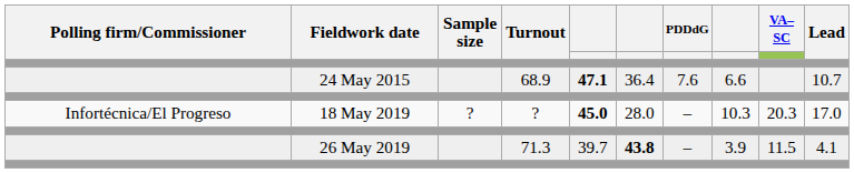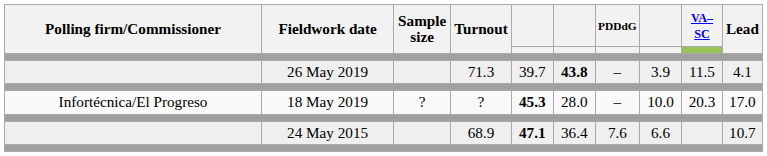 <table class="wikitable collapsible collapsed" style="text-align:center; font-size:95%; line-height:16px;">
 <tr style="height:42px;">
 <th style="width:250px;" rowspan="2">Polling firm/Commissioner</th>
 <th style="width:125px;" rowspan="2">Fieldwork date</th>
 <th style="width:50px;" rowspan="2">Sample size</th>
 <th style="width:45px;" rowspan="2">Turnout</th>
 <th style="width:35px;"></th>
 <th style="width:35px;"></th>
 <th style="width:35px; font-size:75%;">PDDdG</th>
 <th style="width:35px;"></th>
 <th style="width:35px; font-size:80%;"><a href='#'>VA–SC</a></th>
 <th style="width:30px;" rowspan="2">Lead</th>
 </tr>
 <tr>
 <th style="color:inherit;background:"></th>
 <th style="color:inherit;background:"></th>
 <th style="color:inherit;background:"></th>
 <th style="color:inherit;background:"></th>
 <th style="color:inherit;background:#98C455;"></th>
 </tr>
 <tr>
 <td colspan="10" style="background:#A0A0A0"></td>
 </tr>
 <tr style="background:#EFEFEF;">
 <td><strong></strong></td>
+<td>26 May 2019</td>
+<td></td>
+<td>71.3</td>
+<td>39.7<br></td>
+<td><strong>43.8</strong><br></td>
+<td>–</td>
+<td>3.9<br></td>
+<td>11.5<br></td>
+<td style="background:">4.1</td>
+</tr>
+<tr>
+<td colspan="10" style="background:#A0A0A0"></td>
+</tr>
+<tr>
+<td>Infortécnica/El Progreso</td>
+<td>18 May 2019</td>
+<td>?</td>
+<td>?</td>
+<td><strong>45.3</strong><br></td>
+<td>28.0<br></td>
+<td>–</td>
+<td>10.0<br></td>
+<td>20.3<br></td>
+<td style="background:">17.0</td>
+</tr>
+<tr>
+<td colspan="10" style="background:#A0A0A0"></td>
+</tr>
+<tr style="background:#EFEFEF;">
+<td><strong></strong></td>
 <td>24 May 2015</td>
 <td></td>
 <td>68.9</td>
 <td><strong>47.1</strong><br></td>
 <td>36.4<br></td>
 <td>7.6<br></td>
 <td>6.6<br></td>
 <td></td>
 <td style="background:">10.7</td>
 </tr>
 <tr>
 <td colspan="10" style="background:#A0A0A0"></td>
 </tr>
-<tr>
-<td>Infortécnica/El Progreso</td>
-<td>18 May 2019</td>
-<td>?</td>
-<td>?</td>
-<td><strong>45.0</strong><br></td>
-<td>28.0<br></td>
-<td>–</td>
-<td>10.3<br></td>
-<td>20.3<br></td>
-<td style="background:">17.0</td>
-</tr>
-<tr>
-<td colspan="10" style="background:#A0A0A0"></td>
-</tr>
-<tr style="background:#EFEFEF;">
-<td><strong></strong></td>
-<td>26 May 2019</td>
-<td></td>
-<td>71.3</td>
-<td>39.7<br></td>
-<td><strong>43.8</strong><br></td>
-<td>–</td>
-<td>3.9<br></td>
-<td>11.5<br></td>
-<td style="background:">4.1</td>
-</tr>
-<tr>
-<td colspan="10" style="background:#A0A0A0"></td>
-</tr>
 </table>
